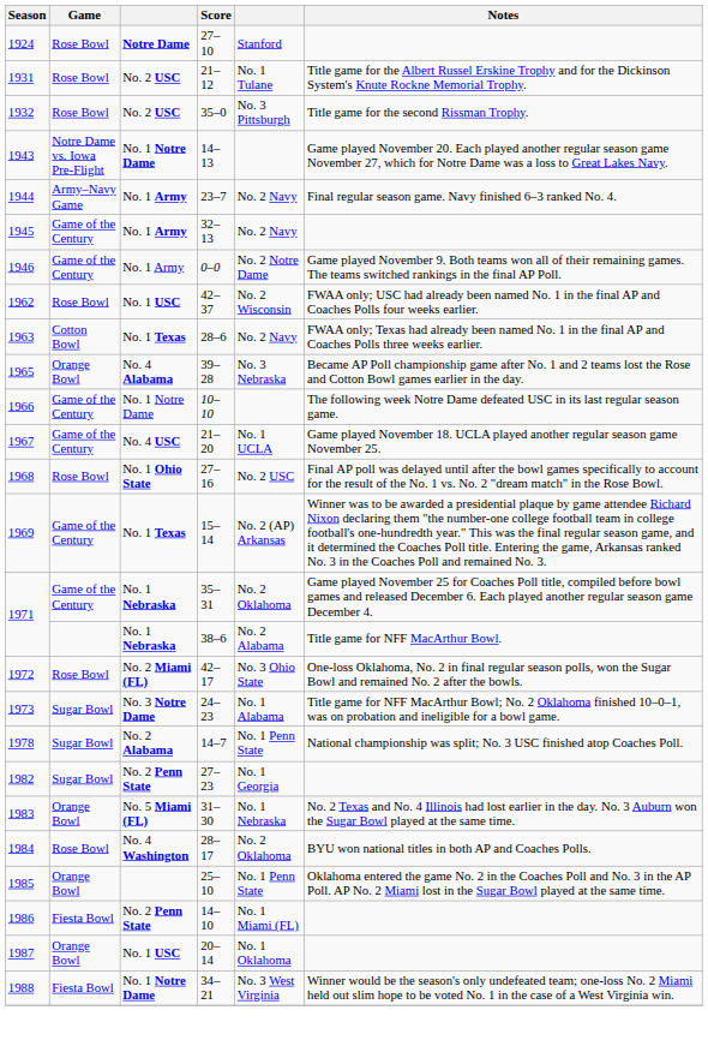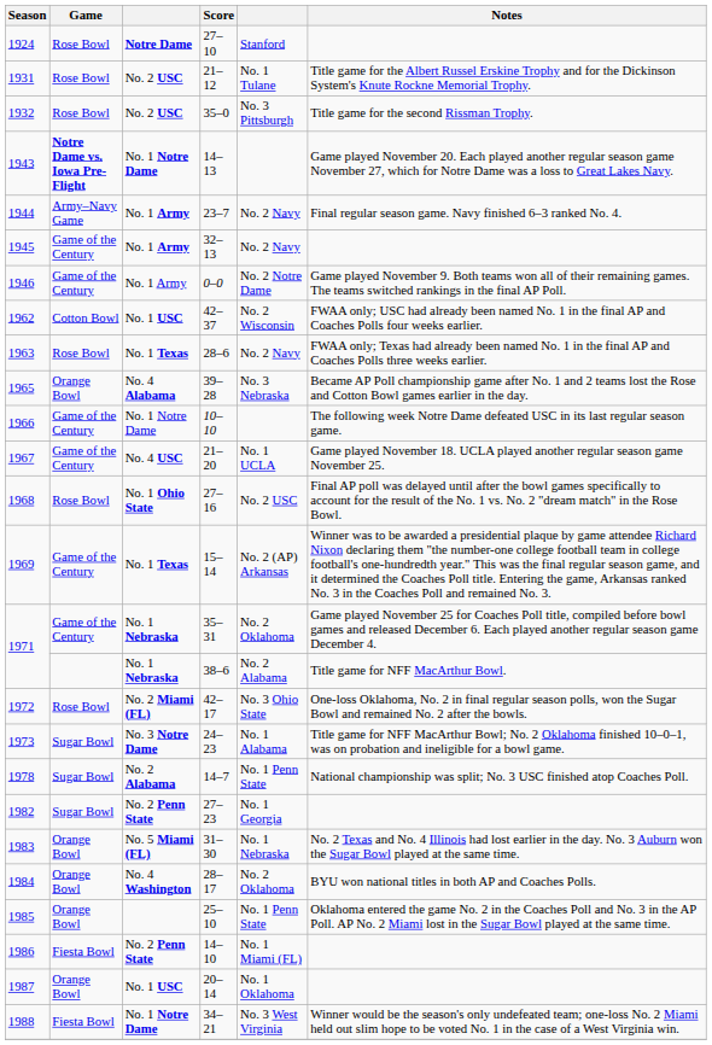 <table class="wikitable sortable">
 <tr>
 <th width=px>Season</th>
 <th width=px>Game</th>
 <th width=px></th>
 <th width=px>Score</th>
 <th width=px></th>
 <th width=px>Notes<br>  </th>
 </tr>
 <tr>
 <td><a href='#'>1924</a></td>
 <td><a href='#'>Rose Bowl</a></td>
 <td><strong><a href='#'>Notre Dame</a></strong></td>
 <td>27–10</td>
 <td><a href='#'>Stanford</a></td>
 <td></td>
 </tr>
 <tr>
 <td><a href='#'>1931</a></td>
 <td><a href='#'>Rose Bowl</a></td>
 <td>No. 2 <strong><a href='#'>USC</a></strong></td>
 <td>21–12</td>
 <td>No. 1 <a href='#'>Tulane</a></td>
 <td>Title game for the <a href='#'>Albert Russel Erskine Trophy</a> and for the Dickinson System's <a href='#'>Knute Rockne Memorial Trophy</a>.</td>
 </tr>
 <tr>
 <td><a href='#'>1932</a></td>
 <td><a href='#'>Rose Bowl</a></td>
 <td>No. 2 <strong><a href='#'>USC</a></strong></td>
 <td>35–0</td>
 <td>No. 3 <a href='#'>Pittsburgh</a></td>
 <td>Title game for the second <a href='#'>Rissman Trophy</a>.<br> </td>
 </tr>
 <tr>
 <td><a href='#'>1943</a></td>
-<td><a href='#'>Notre Dame vs. Iowa Pre-Flight</a></td>
+<td><strong><a href='#'>Notre Dame vs. Iowa Pre-Flight</a></strong></td>
 <td>No. 1 <strong><a href='#'>Notre Dame</a></strong></td>
 <td>14–13</td>
 <td></td>
 <td>Game played November 20. Each played another regular season game November 27, which for Notre Dame was a loss to <a href='#'>Great Lakes Navy</a>.</td>
 </tr>
 <tr>
 <td><a href='#'>1944</a></td>
 <td><a href='#'>Army–Navy Game</a></td>
 <td>No. 1 <strong><a href='#'>Army</a></strong></td>
 <td>23–7</td>
 <td>No. 2 <a href='#'>Navy</a></td>
 <td>Final regular season game. Navy finished 6–3 ranked No. 4.</td>
 </tr>
 <tr>
 <td><a href='#'>1945</a></td>
 <td><a href='#'>Game of the Century</a></td>
 <td>No. 1 <strong><a href='#'>Army</a></strong></td>
 <td>32–13</td>
 <td>No. 2 <a href='#'>Navy</a></td>
 <td></td>
 </tr>
 <tr>
 <td><a href='#'>1946</a></td>
 <td><a href='#'>Game of the Century</a></td>
 <td>No. 1 <a href='#'>Army</a></td>
 <td><em>0–0</em></td>
 <td>No. 2 <a href='#'>Notre Dame</a></td>
 <td>Game played November 9. Both teams won all of their remaining games. The teams switched rankings in the final AP Poll.<br>    </td>
 </tr>
 <tr>
 <td><a href='#'>1962</a></td>
-<td><a href='#'>Rose Bowl</a></td>
+<td><a href='#'>Cotton Bowl</a></td>
 <td>No. 1 <strong><a href='#'>USC</a></strong></td>
 <td>42–37</td>
 <td>No. 2 <a href='#'>Wisconsin</a></td>
 <td>FWAA only; USC had already been named No. 1 in the final AP and Coaches Polls four weeks earlier.</td>
 </tr>
 <tr>
 <td><a href='#'>1963</a></td>
-<td><a href='#'>Cotton Bowl</a></td>
+<td><a href='#'>Rose Bowl</a></td>
 <td>No. 1 <strong><a href='#'>Texas</a></strong></td>
 <td>28–6</td>
 <td>No. 2 <a href='#'>Navy</a></td>
 <td>FWAA only; Texas had already been named No. 1 in the final AP and Coaches Polls three weeks earlier.</td>
 </tr>
 <tr>
 <td><a href='#'>1965</a></td>
 <td><a href='#'>Orange Bowl</a></td>
 <td>No. 4 <strong><a href='#'>Alabama</a></strong></td>
 <td>39–28</td>
 <td>No. 3 <a href='#'>Nebraska</a></td>
 <td>Became AP Poll championship game after No. 1 and 2 teams lost the Rose and Cotton Bowl games earlier in the day.</td>
 </tr>
 <tr>
 <td><a href='#'>1966</a></td>
 <td><a href='#'>Game of the Century</a></td>
 <td>No. 1 <a href='#'>Notre Dame</a></td>
 <td><em>10–10</em></td>
 <td></td>
 <td>The following week Notre Dame defeated USC in its last regular season game.</td>
 </tr>
 <tr>
 <td><a href='#'>1967</a></td>
 <td><a href='#'>Game of the Century</a></td>
 <td>No. 4 <strong><a href='#'>USC</a></strong></td>
 <td>21–20</td>
 <td>No. 1 <a href='#'>UCLA</a></td>
 <td>Game played November 18. UCLA played another regular season game November 25.</td>
 </tr>
 <tr>
 <td><a href='#'>1968</a></td>
 <td><a href='#'>Rose Bowl</a></td>
 <td>No. 1 <strong><a href='#'>Ohio State</a></strong></td>
 <td>27–16</td>
 <td>No. 2 <a href='#'>USC</a></td>
 <td>Final AP poll was delayed until after the bowl games specifically to account for the result of the No. 1 vs. No. 2 "dream match" in the Rose Bowl.</td>
 </tr>
 <tr>
 <td><a href='#'>1969</a></td>
 <td><a href='#'>Game of the Century</a></td>
 <td>No. 1 <strong><a href='#'>Texas</a></strong></td>
 <td>15–14</td>
 <td>No. 2 (AP) <a href='#'>Arkansas</a></td>
 <td>Winner was to be awarded a presidential plaque by game attendee <a href='#'>Richard Nixon</a> declaring them "the number-one college football team in college football's one-hundredth year." This was the final regular season game, and it determined the Coaches Poll title. Entering the game, Arkansas ranked No. 3 in the Coaches Poll and remained No. 3.</td>
 </tr>
 <tr>
 <td rowspan="2"><a href='#'>1971</a></td>
 <td><a href='#'>Game of the Century</a></td>
 <td>No. 1 <strong><a href='#'>Nebraska</a></strong></td>
 <td>35–31</td>
 <td>No. 2 <a href='#'>Oklahoma</a></td>
 <td>Game played November 25 for Coaches Poll title, compiled before bowl games and released December 6. Each played another regular season game December 4.</td>
 </tr>
 <tr>
 <td></td>
 <td>No. 1 <strong><a href='#'>Nebraska</a></strong></td>
 <td>38–6</td>
 <td>No. 2 <a href='#'>Alabama</a></td>
 <td>Title game for NFF <a href='#'>MacArthur Bowl</a>.</td>
 </tr>
 <tr>
 <td><a href='#'>1972</a></td>
 <td><a href='#'>Rose Bowl</a></td>
 <td>No. 2 <strong><a href='#'>Miami (FL)</a></strong></td>
 <td>42–17</td>
 <td>No. 3 <a href='#'>Ohio State</a></td>
 <td>One-loss Oklahoma, No. 2 in final regular season polls, won the Sugar Bowl and remained No. 2 after the bowls.</td>
 </tr>
 <tr>
 <td><a href='#'>1973</a></td>
 <td><a href='#'>Sugar Bowl</a></td>
 <td>No. 3 <strong><a href='#'>Notre Dame</a></strong></td>
 <td>24–23</td>
 <td>No. 1 <a href='#'>Alabama</a></td>
 <td>Title game for NFF MacArthur Bowl; No. 2 <a href='#'>Oklahoma</a> finished 10–0–1, was on probation and ineligible for  a bowl game.<br>     </td>
 </tr>
 <tr>
 <td><a href='#'>1978</a></td>
 <td><a href='#'>Sugar Bowl</a></td>
 <td>No. 2 <strong><a href='#'>Alabama</a></strong></td>
 <td>14–7</td>
 <td>No. 1 <a href='#'>Penn State</a></td>
 <td>National championship was split; No. 3 USC finished atop Coaches Poll.<br> </td>
 </tr>
 <tr>
 <td><a href='#'>1982</a></td>
 <td><a href='#'>Sugar Bowl</a></td>
 <td>No. 2 <strong><a href='#'>Penn State</a></strong></td>
 <td>27–23</td>
 <td>No. 1 <a href='#'>Georgia</a></td>
 <td></td>
 </tr>
 <tr>
 <td><a href='#'>1983</a></td>
 <td><a href='#'>Orange Bowl</a></td>
 <td>No. 5 <strong><a href='#'>Miami (FL)</a></strong></td>
 <td>31–30</td>
 <td>No. 1 <a href='#'>Nebraska</a></td>
 <td>No. 2 <a href='#'>Texas</a> and No. 4 <a href='#'>Illinois</a> had lost earlier in the day. No. 3 <a href='#'>Auburn</a> won the <a href='#'>Sugar Bowl</a> played at the same time.</td>
 </tr>
 <tr>
 <td><a href='#'>1984</a></td>
-<td><a href='#'>Rose Bowl</a></td>
+<td><a href='#'>Orange Bowl</a></td>
 <td>No. 4 <strong><a href='#'>Washington</a></strong></td>
 <td>28–17</td>
 <td>No. 2 <a href='#'>Oklahoma</a></td>
 <td>BYU won national titles in both AP and Coaches Polls.</td>
 </tr>
 <tr>
 <td><a href='#'>1985</a></td>
 <td><a href='#'>Orange Bowl</a></td>
 <td></td>
 <td>25–10</td>
 <td>No. 1 <a href='#'>Penn State</a></td>
 <td>Oklahoma entered the game No. 2 in the Coaches Poll and No. 3 in the AP Poll. AP No. 2 <a href='#'>Miami</a> lost in the <a href='#'>Sugar Bowl</a> played at the same time.</td>
 </tr>
 <tr>
 <td><a href='#'>1986</a></td>
 <td><a href='#'>Fiesta Bowl</a></td>
 <td>No. 2 <strong><a href='#'>Penn State</a></strong></td>
 <td>14–10</td>
 <td>No. 1 <a href='#'>Miami (FL)</a></td>
 <td></td>
 </tr>
 <tr>
 <td><a href='#'>1987</a></td>
 <td><a href='#'>Orange Bowl</a></td>
 <td>No. 1 <strong><a href='#'>USC</a></strong></td>
 <td>20–14</td>
 <td>No. 1 <a href='#'>Oklahoma</a></td>
 <td></td>
 </tr>
 <tr>
 <td><a href='#'>1988</a></td>
 <td><a href='#'>Fiesta Bowl</a></td>
 <td>No. 1 <strong><a href='#'>Notre Dame</a></strong></td>
 <td>34–21</td>
 <td>No. 3 <a href='#'>West Virginia</a></td>
 <td>Winner would be the season's only undefeated team; one-loss No. 2 <a href='#'>Miami</a> held out slim hope to be voted No. 1 in the case of a West Virginia win.</td>
 </tr>
 <tr>
 </tr>
 </table>
